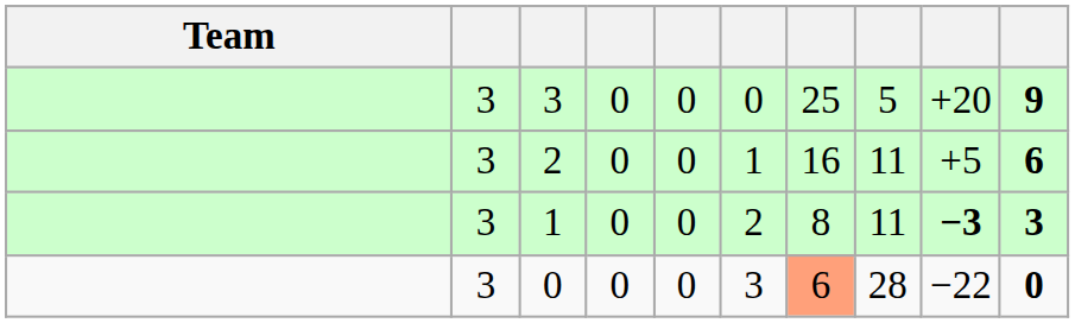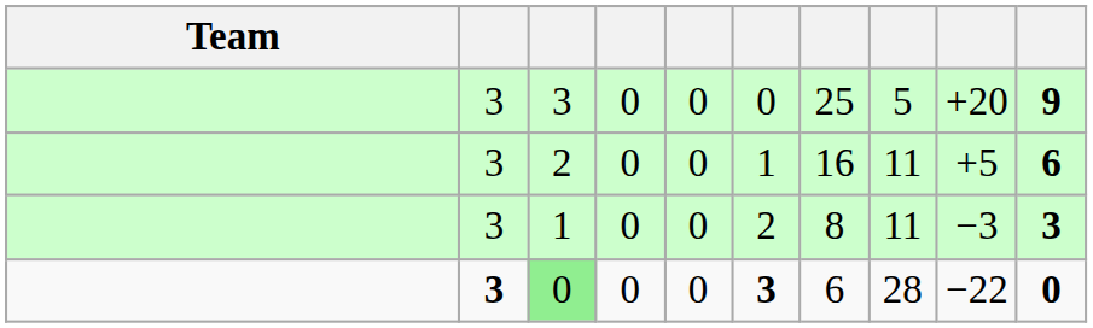 <table class="wikitable" style="text-align: center;">
 <tr>
 <th width="175">Team</th>
 <th width="20"></th>
 <th width="20"></th>
 <th width="20"></th>
 <th width="20"></th>
 <th width="20"></th>
 <th width="20"></th>
 <th width="20"></th>
 <th width="20"></th>
 <th width="20"></th>
 </tr>
 <tr bgcolor=#ccffcc>
 <td align=left></td>
 <td>3</td>
 <td>3</td>
 <td>0</td>
 <td>0</td>
 <td>0</td>
 <td>25</td>
 <td>5</td>
 <td>+20</td>
 <td><strong>9</strong></td>
 </tr>
 <tr bgcolor=#ccffcc>
 <td align=left></td>
 <td>3</td>
 <td>2</td>
 <td>0</td>
 <td>0</td>
 <td>1</td>
 <td>16</td>
 <td>11</td>
 <td>+5</td>
 <td><strong>6</strong></td>
 </tr>
 <tr bgcolor=#ccffcc>
 <td align=left></td>
 <td>3</td>
 <td>1</td>
 <td>0</td>
 <td>0</td>
 <td>2</td>
 <td>8</td>
 <td>11</td>
-<td><strong>−3</strong></td>
+<td>−3</td>
 <td><strong>3</strong></td>
 </tr>
 <tr>
 <td align=left></td>
-<td>3</td>
+<td><strong>3</strong></td>
+<td style="background: lightgreen;">0</td>
 <td>0</td>
 <td>0</td>
-<td>0</td>
-<td>3</td>
-<td style="background: lightsalmon;">6</td>
+<td><strong>3</strong></td>
+<td>6</td>
 <td>28</td>
 <td>−22</td>
 <td><strong>0</strong></td>
 </tr>
 </table>
